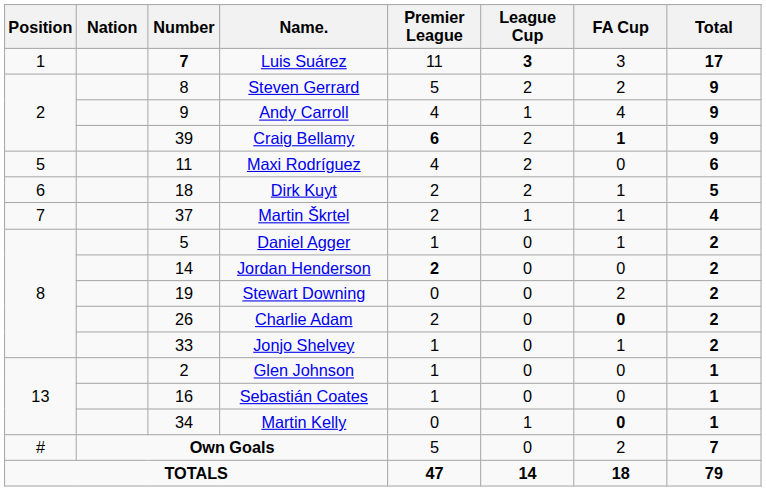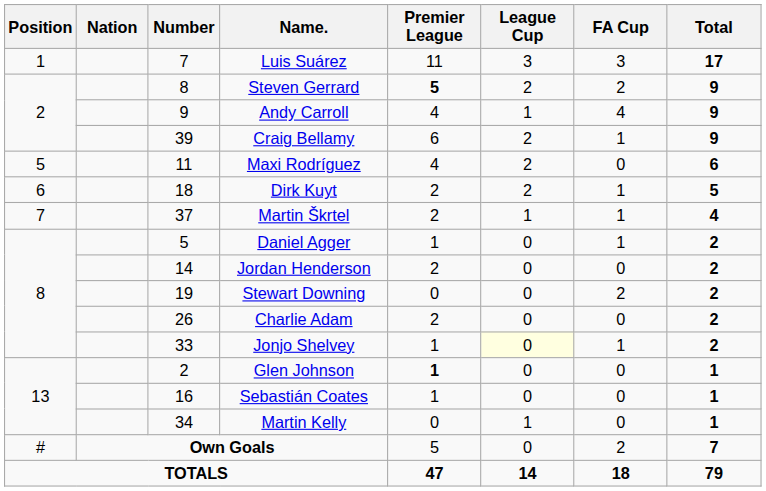 <table class="wikitable" style="font-size: 95%; text-align: center;">
 <tr>
 <th width=60>Position</th>
 <th width=60>Nation</th>
 <th width=60>Number</th>
 <th width=150>Name.</th>
 <th width=80>Premier League</th>
 <th width=80>League Cup</th>
 <th width=80>FA Cup</th>
 <th width=80>Total</th>
 </tr>
 <tr>
 <td>1</td>
 <td></td>
-<td><strong>7</strong></td>
+<td>7</td>
 <td><a href='#'>Luis Suárez</a></td>
 <td>11</td>
-<td><strong>3</strong></td>
+<td>3</td>
 <td>3</td>
 <td><strong>17</strong></td>
 </tr>
 <tr>
 <td rowspan=3>2</td>
 <td></td>
 <td>8</td>
 <td><a href='#'>Steven Gerrard</a></td>
-<td>5</td>
+<td><strong>5</strong></td>
 <td>2</td>
 <td>2</td>
 <td><strong>9</strong></td>
 </tr>
 <tr>
 <td></td>
 <td>9</td>
 <td><a href='#'>Andy Carroll</a></td>
 <td>4</td>
 <td>1</td>
 <td>4</td>
 <td><strong>9</strong></td>
 </tr>
 <tr>
 <td></td>
 <td>39</td>
 <td><a href='#'>Craig Bellamy</a></td>
-<td><strong>6</strong></td>
+<td>6</td>
 <td>2</td>
-<td><strong>1</strong></td>
+<td>1</td>
 <td><strong>9</strong></td>
 </tr>
 <tr>
 <td>5</td>
 <td></td>
 <td>11</td>
 <td><a href='#'>Maxi Rodríguez</a></td>
 <td>4</td>
 <td>2</td>
 <td>0</td>
 <td><strong>6</strong></td>
 </tr>
 <tr>
 <td>6</td>
 <td></td>
 <td>18</td>
 <td><a href='#'>Dirk Kuyt</a></td>
 <td>2</td>
 <td>2</td>
 <td>1</td>
 <td><strong>5</strong></td>
 </tr>
 <tr>
 <td>7</td>
 <td></td>
 <td>37</td>
 <td><a href='#'>Martin Škrtel</a></td>
 <td>2</td>
 <td>1</td>
 <td>1</td>
 <td><strong>4</strong></td>
 </tr>
 <tr>
 <td rowspan=5>8</td>
 <td></td>
 <td>5</td>
 <td><a href='#'>Daniel Agger</a></td>
 <td>1</td>
 <td>0</td>
 <td>1</td>
 <td><strong>2</strong></td>
 </tr>
 <tr>
 <td></td>
 <td>14</td>
 <td><a href='#'>Jordan Henderson</a></td>
-<td><strong>2</strong></td>
+<td>2</td>
 <td>0</td>
 <td>0</td>
 <td><strong>2</strong></td>
 </tr>
 <tr>
 <td></td>
 <td>19</td>
 <td><a href='#'>Stewart Downing</a></td>
 <td>0</td>
 <td>0</td>
 <td>2</td>
 <td><strong>2</strong></td>
 </tr>
 <tr>
 <td></td>
 <td>26</td>
 <td><a href='#'>Charlie Adam</a></td>
 <td>2</td>
 <td>0</td>
-<td><strong>0</strong></td>
+<td>0</td>
 <td><strong>2</strong></td>
 </tr>
 <tr>
 <td></td>
 <td>33</td>
 <td><a href='#'>Jonjo Shelvey</a></td>
 <td>1</td>
-<td>0</td>
+<td style="background: lightyellow;">0</td>
 <td>1</td>
 <td><strong>2</strong></td>
 </tr>
 <tr>
 <td rowspan=3>13</td>
 <td></td>
 <td>2</td>
 <td><a href='#'>Glen Johnson</a></td>
-<td>1</td>
+<td><strong>1</strong></td>
 <td>0</td>
 <td>0</td>
 <td><strong>1</strong></td>
 </tr>
 <tr>
 <td></td>
 <td>16</td>
 <td><a href='#'>Sebastián Coates</a></td>
 <td>1</td>
 <td>0</td>
 <td>0</td>
 <td><strong>1</strong></td>
 </tr>
 <tr>
 <td></td>
 <td>34</td>
 <td><a href='#'>Martin Kelly</a></td>
 <td>0</td>
 <td>1</td>
-<td><strong>0</strong></td>
+<td>0</td>
 <td><strong>1</strong></td>
 </tr>
 <tr>
 <td>#</td>
 <td colspan=3><strong>Own Goals</strong></td>
 <td>5</td>
 <td>0</td>
 <td>2</td>
 <td><strong>7</strong></td>
 </tr>
 <tr>
 <td colspan=4><strong>TOTALS</strong></td>
 <td><strong>47</strong></td>
 <td><strong>14</strong></td>
 <td><strong>18</strong></td>
 <td><strong>79</strong></td>
 </tr>
 </table>
